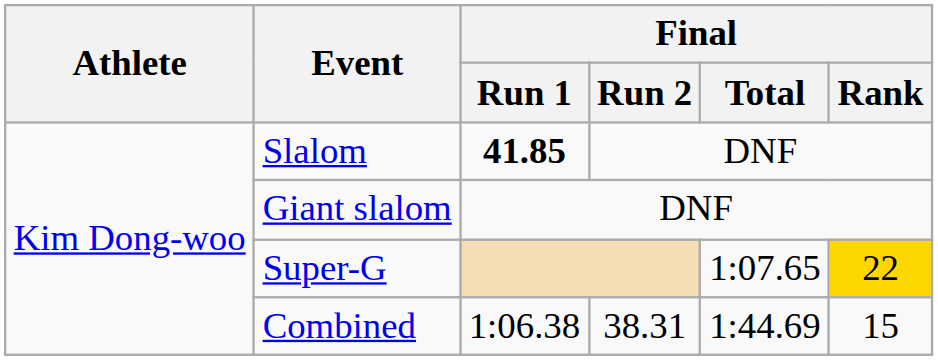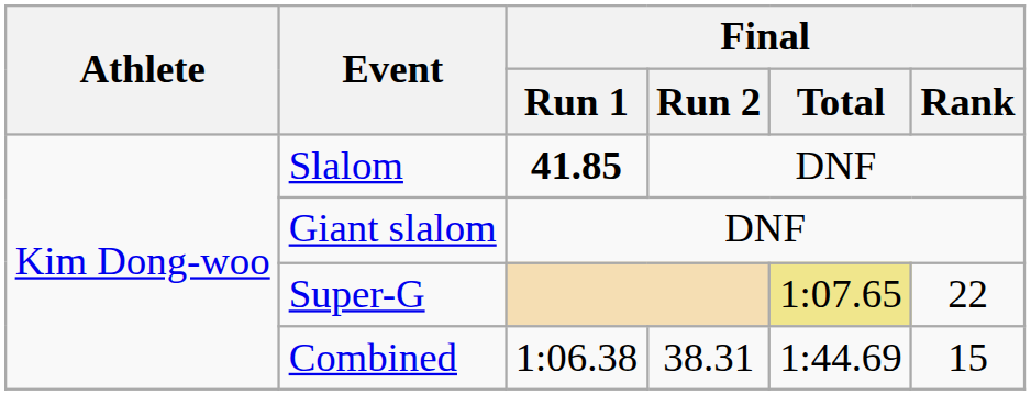 <table class="wikitable">
 <tr>
 <th rowspan="2">Athlete</th>
 <th rowspan="2">Event</th>
 <th colspan="4">Final</th>
 </tr>
 <tr>
 <th>Run 1</th>
 <th>Run 2</th>
 <th>Total</th>
 <th>Rank</th>
 </tr>
 <tr>
 <td rowspan=4><a href='#'>Kim Dong-woo</a></td>
 <td><a href='#'>Slalom</a></td>
 <td align="center"><strong>41.85</strong></td>
 <td align="center" colspan=3>DNF</td>
 </tr>
 <tr>
 <td><a href='#'>Giant slalom</a></td>
 <td align="center" colspan=4>DNF</td>
 </tr>
 <tr>
 <td><a href='#'>Super-G</a></td>
 <td colspan=2 bgcolor="wheat"></td>
-<td align="center">1:07.65</td>
-<td align="center" style="background: gold;">22</td>
+<td align="center" style="background: khaki;">1:07.65</td>
+<td align="center">22</td>
 </tr>
 <tr>
 <td><a href='#'>Combined</a></td>
 <td align="center">1:06.38</td>
 <td align="center">38.31</td>
 <td align="center">1:44.69</td>
 <td align="center">15</td>
 </tr>
 </table>
